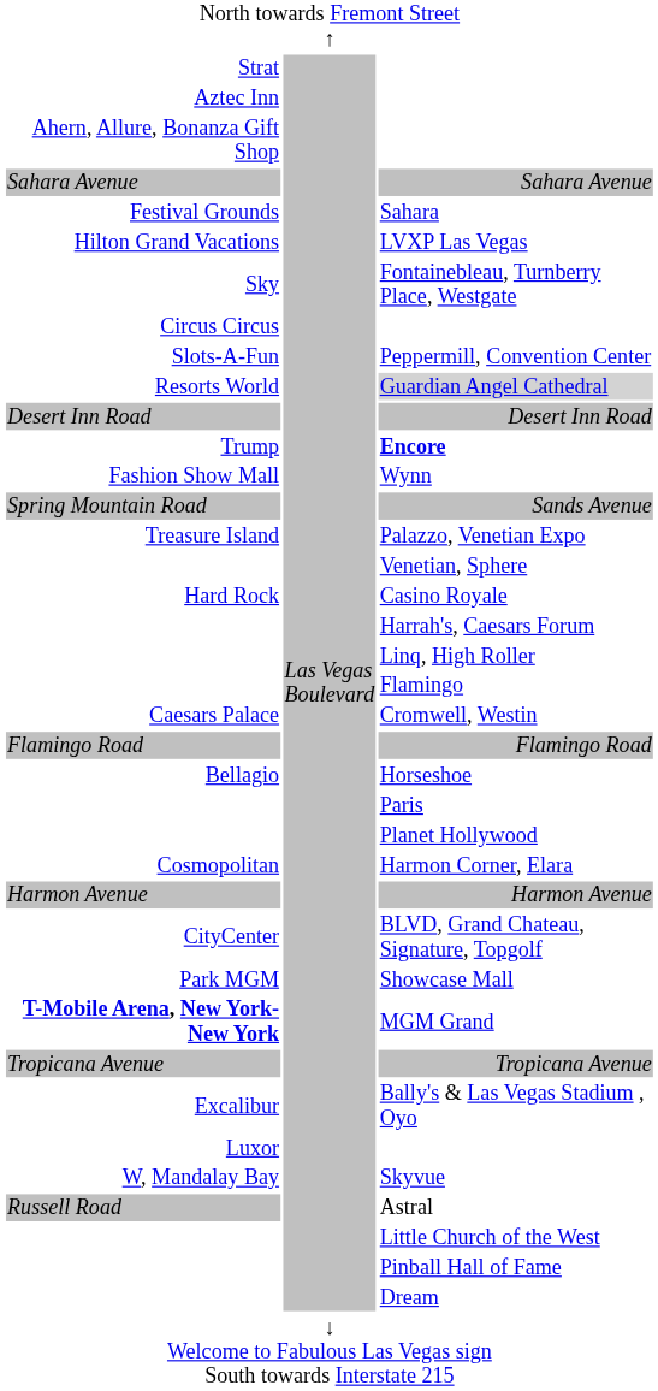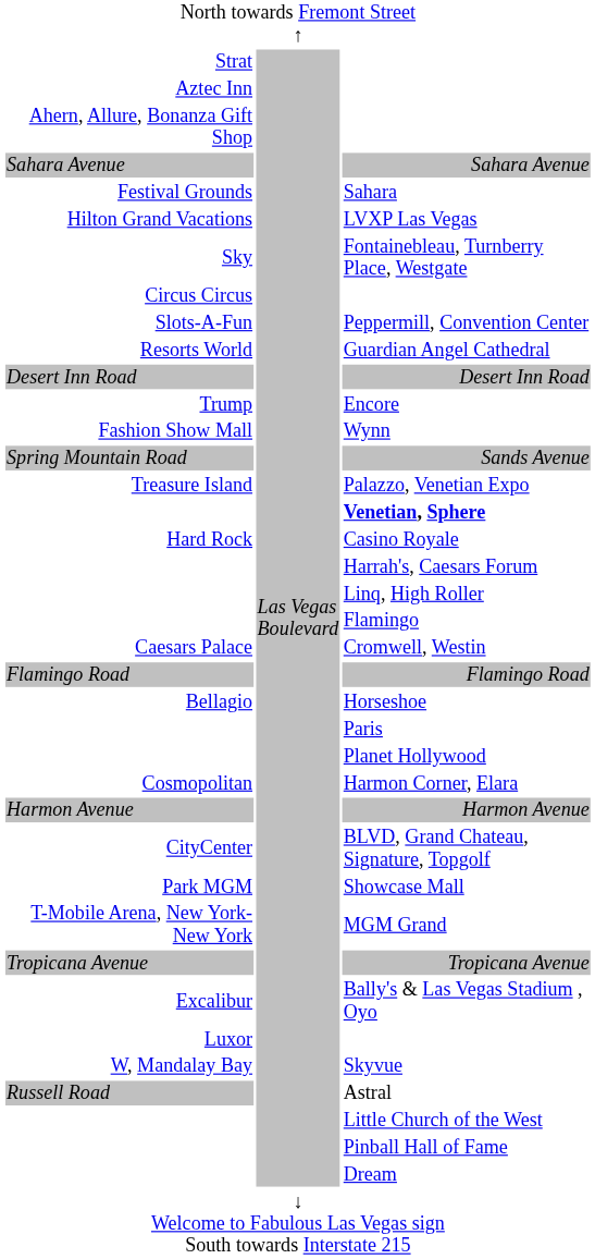 <table style="margin:auto;">
 <tr>
 <td colspan="3" style="text-align:center;">North towards <a href='#'>Fremont Street</a><br><strong>↑</strong></td>
 </tr>
 <tr>
 <td style="text-align:right;"><a href='#'>Strat</a></td>
 <td style="background:silver; width:28px;" rowspan="38"><span><em>Las Vegas Boulevard</em></span></td>
 </tr>
 <tr>
 <td style="text-align:right;"><a href='#'>Aztec Inn</a></td>
 </tr>
 <tr>
 <td style="text-align:right;"><a href='#'>Ahern</a>, <a href='#'>Allure</a>, <a href='#'>Bonanza Gift Shop</a></td>
 </tr>
 <tr style="background:silver;">
 <td style="width:200px;"><em>Sahara Avenue</em></td>
 <td style="width:200px; text-align:right;"><em>Sahara Avenue</em></td>
 </tr>
 <tr>
 <td style="text-align:right;"><a href='#'>Festival Grounds</a></td>
 <td><a href='#'>Sahara</a></td>
 </tr>
 <tr>
 <td style="text-align:right;"><a href='#'>Hilton Grand Vacations</a></td>
 <td><a href='#'>LVXP Las Vegas</a> </td>
 </tr>
 <tr>
 <td style="text-align:right;"><a href='#'>Sky</a></td>
 <td><a href='#'>Fontainebleau</a>, <a href='#'>Turnberry Place</a>, <a href='#'>Westgate</a></td>
 </tr>
 <tr>
 <td style="text-align:right;"><a href='#'>Circus Circus</a></td>
 </tr>
 <tr>
 <td style="text-align:right;"><a href='#'>Slots-A-Fun</a></td>
 <td><a href='#'>Peppermill</a>, <a href='#'>Convention Center</a></td>
 </tr>
 <tr>
 <td style="text-align:right;"><a href='#'>Resorts World</a></td>
-<td style="background: lightgrey;"><a href='#'>Guardian Angel Cathedral</a></td>
+<td><a href='#'>Guardian Angel Cathedral</a></td>
 </tr>
 <tr style="background:silver;">
 <td><em>Desert Inn Road</em></td>
 <td style="text-align:right;"><em>Desert Inn Road</em></td>
 </tr>
 <tr>
 <td style="text-align:right;"><a href='#'>Trump</a></td>
-<td><strong><a href='#'>Encore</a></strong></td>
+<td><a href='#'>Encore</a></td>
 </tr>
 <tr>
 <td style="text-align:right;"><a href='#'>Fashion Show Mall</a></td>
 <td><a href='#'>Wynn</a></td>
 </tr>
 <tr style="background:silver;">
 <td><em>Spring Mountain Road</em></td>
 <td style="text-align:right;"><em>Sands Avenue</em></td>
 </tr>
 <tr>
 <td style="text-align:right;"><a href='#'>Treasure Island</a></td>
 <td><a href='#'>Palazzo</a>, <a href='#'>Venetian Expo</a></td>
 </tr>
 <tr>
 <td></td>
-<td><a href='#'>Venetian</a>, <a href='#'>Sphere</a></td>
+<td><strong><a href='#'>Venetian</a>, <a href='#'>Sphere</a></strong></td>
 </tr>
 <tr>
 <td style="text-align:right;"><a href='#'>Hard Rock</a> </td>
 <td><a href='#'>Casino Royale</a></td>
 </tr>
 <tr>
 <td></td>
 <td><a href='#'>Harrah's</a>, <a href='#'>Caesars Forum</a></td>
 </tr>
 <tr>
 <td style="text-align:right;"></td>
 <td><a href='#'>Linq</a>, <a href='#'>High Roller</a></td>
 </tr>
 <tr>
 <td></td>
 <td><a href='#'>Flamingo</a></td>
 </tr>
 <tr>
 <td style="text-align:right;"><a href='#'>Caesars Palace</a></td>
 <td><a href='#'>Cromwell</a>, <a href='#'>Westin</a></td>
 </tr>
 <tr style="background:silver;">
 <td><em>Flamingo Road</em></td>
 <td style="text-align:right;"><em>Flamingo Road</em></td>
 </tr>
 <tr>
 <td style="text-align:right;"><a href='#'>Bellagio</a></td>
 <td><a href='#'>Horseshoe</a></td>
 </tr>
 <tr>
 <td></td>
 <td><a href='#'>Paris</a></td>
 </tr>
 <tr>
 <td style="text-align:right;"></td>
 <td><a href='#'>Planet Hollywood</a></td>
 </tr>
 <tr>
 <td style="text-align:right;"><a href='#'>Cosmopolitan</a></td>
 <td><a href='#'>Harmon Corner</a>, <a href='#'>Elara</a></td>
 </tr>
 <tr style="background:silver;">
 <td><em>Harmon Avenue</em></td>
 <td style="text-align:right;"><em>Harmon Avenue</em></td>
 </tr>
 <tr>
 <td style="text-align:right;"><a href='#'>CityCenter</a></td>
 <td><a href='#'>BLVD</a>, <a href='#'>Grand Chateau</a>, <a href='#'>Signature</a>, <a href='#'>Topgolf</a></td>
 <td></td>
 </tr>
 <tr>
 <td style="text-align:right;"><a href='#'>Park MGM</a></td>
 <td><a href='#'>Showcase Mall</a></td>
 </tr>
 <tr>
-<td style="text-align:right;"><strong><a href='#'>T-Mobile Arena</a>, <a href='#'>New York-New York</a></strong></td>
+<td style="text-align:right;"><a href='#'>T-Mobile Arena</a>, <a href='#'>New York-New York</a></td>
 <td><a href='#'>MGM Grand</a></td>
 </tr>
 <tr style="background:silver;">
 <td><em>Tropicana Avenue</em></td>
 <td style="text-align:right;"><em>Tropicana Avenue</em></td>
 </tr>
 <tr>
 <td style="text-align:right;"><a href='#'>Excalibur</a></td>
 <td><a href='#'>Bally's</a> & <a href='#'>Las Vegas Stadium</a> , <a href='#'>Oyo</a></td>
 </tr>
 <tr>
 <td style="text-align:right;"><a href='#'>Luxor</a></td>
 <td></td>
 <td></td>
 </tr>
 <tr>
 <td style="text-align:right;"><a href='#'>W</a>, <a href='#'>Mandalay Bay</a></td>
 <td><a href='#'>Skyvue</a> </td>
 </tr>
 <tr>
 <td style="background:silver; text-align:left;"><em>Russell Road</em></td>
 <td>Astral </td>
 </tr>
 <tr>
 <td style="text-align:right;"></td>
 <td><a href='#'>Little Church of the West</a></td>
 </tr>
 <tr>
 <td style="text-align:right;"></td>
 <td><a href='#'>Pinball Hall of Fame</a></td>
 </tr>
 <tr>
 <td></td>
 <td><a href='#'>Dream</a> </td>
 </tr>
 <tr>
 <td colspan="3" style="text-align:center;"><strong>↓</strong><br><a href='#'>Welcome to Fabulous Las Vegas sign</a><br>South towards <a href='#'>Interstate 215</a></td>
 </tr>
 </table>
